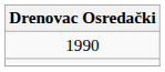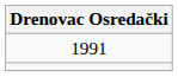 <table class="wikitable" style="margin: 0.5em auto; text-align: center;">
 <tr>
 <th colspan="1">Drenovac Osredački</th>
 </tr>
 <tr>
-<td>1990</td>
+<td>1991</td>
 </tr>
 <tr>
 <td></td>
 </tr>
 <tr>
 </tr>
 </table>
